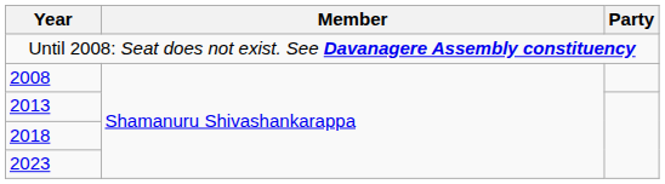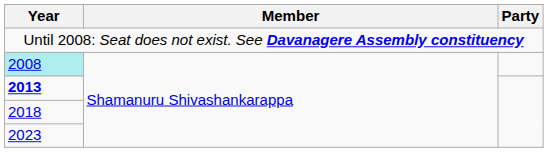 <table class="wikitable">
 <tr>
 <th>Year</th>
 <th>Member</th>
 <th colspan="4">Party</th>
 </tr>
 <tr>
 <td colspan=4 align=center>Until 2008: <em>Seat does not exist. See <strong><a href='#'>Davanagere Assembly constituency</a><strong><em></td>
 </tr>
 <tr>
-<td><a href='#'>2008</a></td>
+<td style="background: paleturquoise;"><a href='#'>2008</a></td>
 <td rowspan="4"><a href='#'>Shamanuru Shivashankarappa</a></td>
 <td></td>
 </tr>
 <tr>
-<td><a href='#'>2013</a></td>
+<td><strong><a href='#'>2013</a></strong></td>
 </tr>
 <tr>
 <td><a href='#'>2018</a></td>
 </tr>
 <tr>
 <td><a href='#'>2023</a></td>
 </tr>
 </table>
